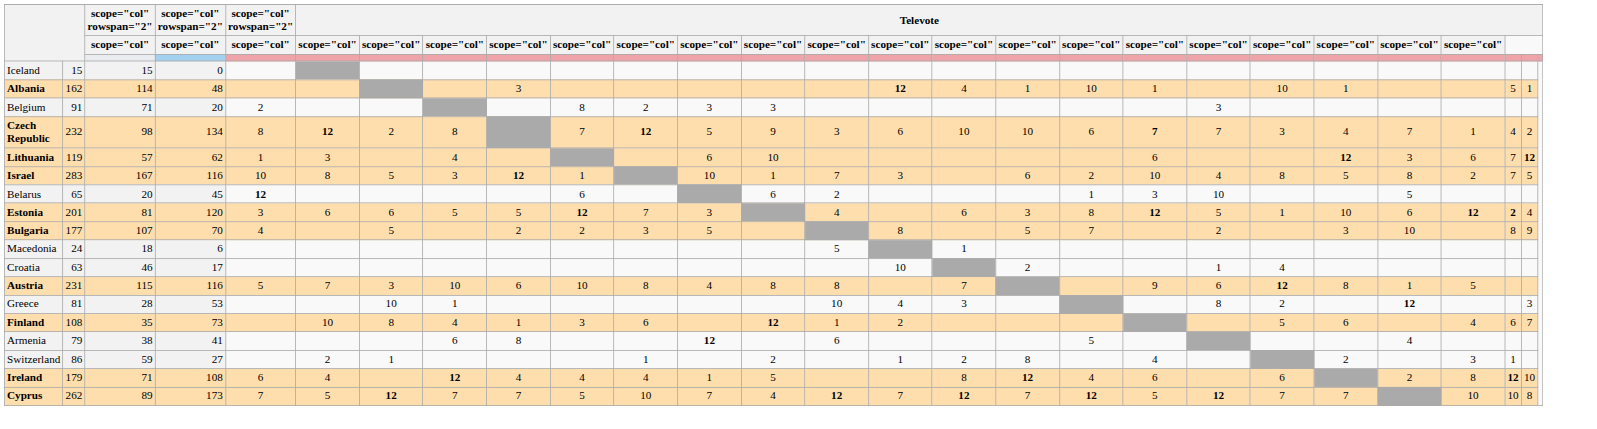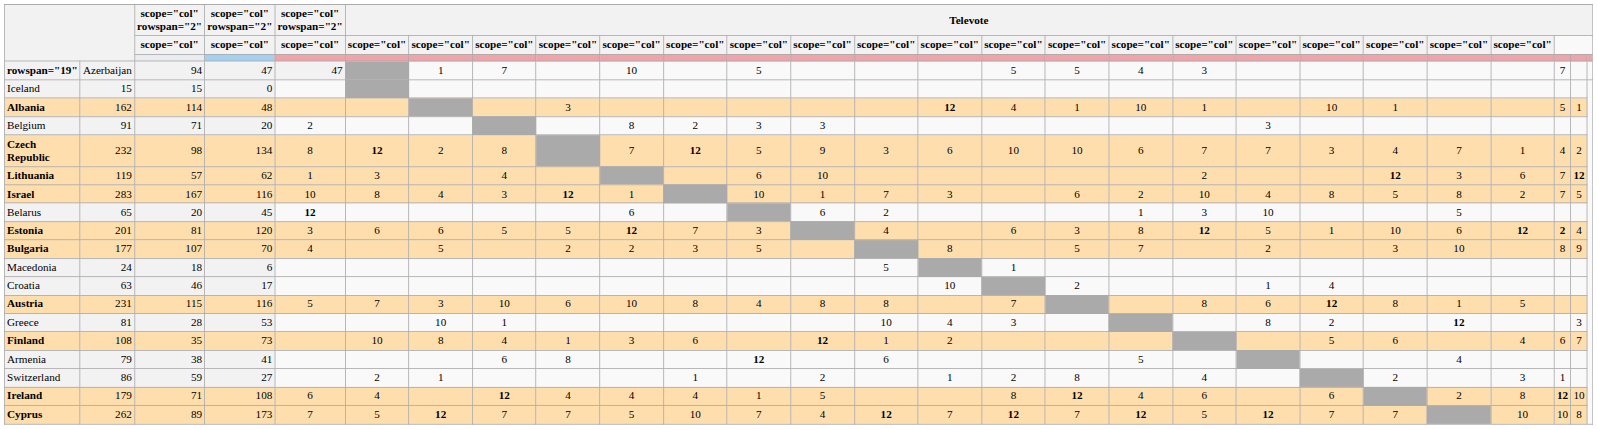 <table class="wikitable plainrowheaders" style="text-align:center; font-size:85%;">
 <tr>
 </tr>
 <tr>
 <td colspan="2" rowspan="3" style="background: #F2F2F2;"></td>
 <th>scope="col" rowspan="2" </th>
 <th>scope="col" rowspan="2" </th>
 <th>scope="col" rowspan="2" </th>
 <th scope="col" colspan="22">Televote</th>
 </tr>
 <tr>
 <th>scope="col" </th>
 <th>scope="col" </th>
 <th>scope="col" </th>
 <th>scope="col" </th>
 <th>scope="col" </th>
 <th>scope="col" </th>
 <th>scope="col" </th>
 <th>scope="col" </th>
 <th>scope="col" </th>
 <th>scope="col" </th>
 <th>scope="col" </th>
 <th>scope="col" </th>
 <th>scope="col" </th>
 <th>scope="col" </th>
 <th>scope="col" </th>
 <th>scope="col" </th>
 <th>scope="col" </th>
 <th>scope="col" </th>
 <th>scope="col" </th>
 <th>scope="col" </th>
 <th>scope="col" </th>
 <th>scope="col" </th>
 </tr>
 <tr>
 <td style="height:2px; background:#eaecf0; border-top:1px solid transparent;"></td>
 <td style="background:#A4D1EF;"></td>
 <td style="background:#EFA4A9;"></td>
 <th style="background:#EFA4A9;"></th>
 <th style="background:#EFA4A9;"></th>
 <th style="background:#EFA4A9;"></th>
 <th style="background:#EFA4A9;"></th>
 <th style="background:#EFA4A9;"></th>
 <th style="background:#EFA4A9;"></th>
 <th style="background:#EFA4A9;"></th>
 <th style="background:#EFA4A9;"></th>
 <th style="background:#EFA4A9;"></th>
 <th style="background:#EFA4A9;"></th>
 <th style="background:#EFA4A9;"></th>
 <th style="background:#EFA4A9;"></th>
 <th style="background:#EFA4A9;"></th>
 <th style="background:#EFA4A9;"></th>
 <th style="background:#EFA4A9;"></th>
 <th style="background:#EFA4A9;"></th>
 <th style="background:#EFA4A9;"></th>
 <th style="background:#EFA4A9;"></th>
 <th style="background:#EFA4A9;"></th>
 <th style="background:#EFA4A9;"></th>
 <th style="background:#EFA4A9;"></th>
 <th style="background:#EFA4A9;"></th>
+</tr>
+<tr>
+<th>rowspan="19" </th>
+<td scope="row" style="text-align:left; background:#f2f2f2;">Azerbaijan</td>
+<td style="text-align:right; background:#f2f2f2;">94</td>
+<td style="text-align:right; background:#f2f2f2;">47</td>
+<td style="text-align:right; background:#f2f2f2;">47</td>
+<td style="background:#AAAAAA;"></td>
+<td>1</td>
+<td>7</td>
+<td></td>
+<td>10</td>
+<td></td>
+<td>5</td>
+<td></td>
+<td></td>
+<td></td>
+<td>5</td>
+<td>5</td>
+<td>4</td>
+<td>3</td>
+<td></td>
+<td></td>
+<td></td>
+<td></td>
+<td></td>
+<td>7</td>
+<td></td>
+<td></td>
 </tr>
 <tr>
 <td scope="row" style="text-align:left; background:#f2f2f2;">Iceland</td>
 <td style="text-align:right; background:#f2f2f2;">15</td>
 <td style="text-align:right; background:#f2f2f2;">15</td>
 <td style="text-align:right; background:#f2f2f2;">0</td>
 <td></td>
 <td style="background:#AAAAAA;"></td>
 <td></td>
 <td></td>
 <td></td>
 <td></td>
 <td></td>
 <td></td>
 <td></td>
 <td></td>
 <td></td>
 <td></td>
 <td></td>
 <td></td>
 <td></td>
 <td></td>
 <td></td>
 <td></td>
 <td></td>
 <td></td>
 <td></td>
 <td></td>
 </tr>
 <tr style="background:#ffdead;">
 <td scope="row" style="text-align:left; font-weight:bold; background:#ffdead;">Albania</td>
 <td style="text-align:right;">162</td>
 <td style="text-align:right;">114</td>
 <td style="text-align:right;">48</td>
 <td></td>
 <td></td>
 <td style="background:#AAAAAA;"></td>
 <td></td>
 <td>3</td>
 <td></td>
 <td></td>
 <td></td>
 <td></td>
 <td></td>
 <td><strong>12</strong></td>
 <td>4</td>
 <td>1</td>
 <td>10</td>
 <td>1</td>
 <td></td>
 <td>10</td>
 <td>1</td>
 <td></td>
 <td></td>
 <td>5</td>
 <td>1</td>
 </tr>
 <tr>
 <td scope="row" style="text-align:left; background:#f2f2f2;">Belgium</td>
 <td style="text-align:right; background:#f2f2f2;">91</td>
 <td style="text-align:right; background:#f2f2f2;">71</td>
 <td style="text-align:right; background:#f2f2f2;">20</td>
 <td>2</td>
 <td></td>
 <td></td>
 <td style="background:#AAAAAA;"></td>
 <td></td>
 <td>8</td>
 <td>2</td>
 <td>3</td>
 <td>3</td>
 <td></td>
 <td></td>
 <td></td>
 <td></td>
 <td></td>
 <td></td>
 <td>3</td>
 <td></td>
 <td></td>
 <td></td>
 <td></td>
 <td></td>
 <td></td>
 </tr>
 <tr style="background:#ffdead;">
 <td scope="row" style="text-align:left; font-weight:bold; background:#ffdead;">Czech Republic</td>
 <td style="text-align:right;">232</td>
 <td style="text-align:right;">98</td>
 <td style="text-align:right;">134</td>
 <td>8</td>
 <td><strong>12</strong></td>
 <td>2</td>
 <td>8</td>
 <td style="background:#AAAAAA;"></td>
 <td>7</td>
 <td><strong>12</strong></td>
 <td>5</td>
 <td>9</td>
 <td>3</td>
 <td>6</td>
 <td>10</td>
 <td>10</td>
 <td>6</td>
-<td><strong>7</strong></td>
+<td>7</td>
 <td>7</td>
 <td>3</td>
 <td>4</td>
 <td>7</td>
 <td>1</td>
 <td>4</td>
 <td>2</td>
 </tr>
 <tr style="background:#ffdead;">
 <td scope="row" style="text-align:left; font-weight:bold; background:#ffdead;">Lithuania</td>
 <td style="text-align:right;">119</td>
 <td style="text-align:right;">57</td>
 <td style="text-align:right;">62</td>
 <td>1</td>
 <td>3</td>
 <td></td>
 <td>4</td>
 <td></td>
 <td style="background:#AAAAAA;"></td>
 <td></td>
 <td>6</td>
 <td>10</td>
 <td></td>
 <td></td>
 <td></td>
 <td></td>
 <td></td>
-<td>6</td>
+<td>2</td>
 <td></td>
 <td></td>
 <td><strong>12</strong></td>
 <td>3</td>
 <td>6</td>
 <td>7</td>
 <td><strong>12</strong></td>
 </tr>
 <tr style="background:#ffdead;">
 <td scope="row" style="text-align:left; font-weight:bold; background:#ffdead;">Israel</td>
 <td style="text-align:right;">283</td>
 <td style="text-align:right;">167</td>
 <td style="text-align:right;">116</td>
 <td>10</td>
 <td>8</td>
-<td>5</td>
+<td>4</td>
 <td>3</td>
 <td><strong>12</strong></td>
 <td>1</td>
 <td style="background:#AAAAAA;"></td>
 <td>10</td>
 <td>1</td>
 <td>7</td>
 <td>3</td>
 <td></td>
 <td>6</td>
 <td>2</td>
 <td>10</td>
 <td>4</td>
 <td>8</td>
 <td>5</td>
 <td>8</td>
 <td>2</td>
 <td>7</td>
 <td>5</td>
 </tr>
 <tr>
 <td scope="row" style="text-align:left; background:#f2f2f2;">Belarus</td>
 <td style="text-align:right; background:#f2f2f2;">65</td>
 <td style="text-align:right; background:#f2f2f2;">20</td>
 <td style="text-align:right; background:#f2f2f2;">45</td>
 <td><strong>12</strong></td>
 <td></td>
 <td></td>
 <td></td>
 <td></td>
 <td>6</td>
 <td></td>
 <td style="background:#AAAAAA;"></td>
 <td>6</td>
 <td>2</td>
 <td></td>
 <td></td>
 <td></td>
 <td>1</td>
 <td>3</td>
 <td>10</td>
 <td></td>
 <td></td>
 <td>5</td>
 <td></td>
 <td></td>
 <td></td>
 </tr>
 <tr style="background:#ffdead;">
 <td scope="row" style="text-align:left; font-weight:bold; background:#ffdead;">Estonia</td>
 <td style="text-align:right;">201</td>
 <td style="text-align:right;">81</td>
 <td style="text-align:right;">120</td>
 <td>3</td>
 <td>6</td>
 <td>6</td>
 <td>5</td>
 <td>5</td>
 <td><strong>12</strong></td>
 <td>7</td>
 <td>3</td>
 <td style="background:#AAAAAA;"></td>
 <td>4</td>
 <td></td>
 <td>6</td>
 <td>3</td>
 <td>8</td>
 <td><strong>12</strong></td>
 <td>5</td>
 <td>1</td>
 <td>10</td>
 <td>6</td>
 <td><strong>12</strong></td>
 <td><strong>2</strong></td>
 <td>4</td>
 </tr>
 <tr style="background:#ffdead;">
 <td scope="row" style="text-align:left; font-weight:bold; background:#ffdead;">Bulgaria</td>
 <td style="text-align:right;">177</td>
 <td style="text-align:right;">107</td>
 <td style="text-align:right;">70</td>
 <td>4</td>
 <td></td>
 <td>5</td>
 <td></td>
 <td>2</td>
 <td>2</td>
 <td>3</td>
 <td>5</td>
 <td></td>
 <td style="background:#AAAAAA;"></td>
 <td>8</td>
 <td></td>
 <td>5</td>
 <td>7</td>
 <td></td>
 <td>2</td>
 <td></td>
 <td>3</td>
 <td>10</td>
 <td></td>
 <td>8</td>
 <td>9</td>
 </tr>
 <tr>
 <td scope="row" style="text-align:left; background:#f2f2f2;">Macedonia</td>
 <td style="text-align:right; background:#f2f2f2;">24</td>
 <td style="text-align:right; background:#f2f2f2;">18</td>
 <td style="text-align:right; background:#f2f2f2;">6</td>
 <td></td>
 <td></td>
 <td></td>
 <td></td>
 <td></td>
 <td></td>
 <td></td>
 <td></td>
 <td></td>
 <td>5</td>
 <td style="background:#AAAAAA;"></td>
 <td>1</td>
 <td></td>
 <td></td>
 <td></td>
 <td></td>
 <td></td>
 <td></td>
 <td></td>
 <td></td>
 <td></td>
 <td></td>
 </tr>
 <tr>
 <td scope="row" style="text-align:left; background:#f2f2f2;">Croatia</td>
 <td style="text-align:right; background:#f2f2f2;">63</td>
 <td style="text-align:right; background:#f2f2f2;">46</td>
 <td style="text-align:right; background:#f2f2f2;">17</td>
 <td></td>
 <td></td>
 <td></td>
 <td></td>
 <td></td>
 <td></td>
 <td></td>
 <td></td>
 <td></td>
 <td></td>
 <td>10</td>
 <td style="background:#AAAAAA;"></td>
 <td>2</td>
 <td></td>
 <td></td>
 <td>1</td>
 <td>4</td>
 <td></td>
 <td></td>
 <td></td>
 <td></td>
 <td></td>
 </tr>
 <tr style="background:#ffdead;">
 <td scope="row" style="text-align:left; font-weight:bold; background:#ffdead;">Austria</td>
 <td style="text-align:right;">231</td>
 <td style="text-align:right;">115</td>
 <td style="text-align:right;">116</td>
 <td>5</td>
 <td>7</td>
 <td>3</td>
 <td>10</td>
 <td>6</td>
 <td>10</td>
 <td>8</td>
 <td>4</td>
 <td>8</td>
 <td>8</td>
 <td></td>
 <td>7</td>
 <td style="background:#AAAAAA;"></td>
 <td></td>
-<td>9</td>
+<td>8</td>
 <td>6</td>
 <td><strong>12</strong></td>
 <td>8</td>
 <td>1</td>
 <td>5</td>
 <td></td>
 <td></td>
 </tr>
 <tr>
 <td scope="row" style="text-align:left; background:#f2f2f2;">Greece</td>
 <td style="text-align:right; background:#f2f2f2;">81</td>
 <td style="text-align:right; background:#f2f2f2;">28</td>
 <td style="text-align:right; background:#f2f2f2;">53</td>
 <td></td>
 <td></td>
 <td>10</td>
 <td>1</td>
 <td></td>
 <td></td>
 <td></td>
 <td></td>
 <td></td>
 <td>10</td>
 <td>4</td>
 <td>3</td>
 <td></td>
 <td style="background:#AAAAAA;"></td>
 <td></td>
 <td>8</td>
 <td>2</td>
 <td></td>
 <td><strong>12</strong></td>
 <td></td>
 <td></td>
 <td>3</td>
 </tr>
 <tr style="background:#ffdead;">
 <td scope="row" style="text-align:left; font-weight:bold; background:#ffdead;">Finland</td>
 <td style="text-align:right;">108</td>
 <td style="text-align:right;">35</td>
 <td style="text-align:right;">73</td>
 <td></td>
 <td>10</td>
 <td>8</td>
 <td>4</td>
 <td>1</td>
 <td>3</td>
 <td>6</td>
 <td></td>
 <td><strong>12</strong></td>
 <td>1</td>
 <td>2</td>
 <td></td>
 <td></td>
 <td></td>
 <td style="background:#AAAAAA;"></td>
 <td></td>
 <td>5</td>
 <td>6</td>
 <td></td>
 <td>4</td>
 <td>6</td>
 <td>7</td>
 </tr>
 <tr>
 <td scope="row" style="text-align:left; background:#f2f2f2;">Armenia</td>
 <td style="text-align:right; background:#f2f2f2;">79</td>
 <td style="text-align:right; background:#f2f2f2;">38</td>
 <td style="text-align:right; background:#f2f2f2;">41</td>
 <td></td>
 <td></td>
 <td></td>
 <td>6</td>
 <td>8</td>
 <td></td>
 <td></td>
 <td><strong>12</strong></td>
 <td></td>
 <td>6</td>
 <td></td>
 <td></td>
 <td></td>
 <td>5</td>
 <td></td>
 <td style="background:#AAAAAA;"></td>
 <td></td>
 <td></td>
 <td>4</td>
 <td></td>
 <td></td>
 <td></td>
 </tr>
 <tr>
 <td scope="row" style="text-align:left; background:#f2f2f2;">Switzerland</td>
 <td style="text-align:right; background:#f2f2f2;">86</td>
 <td style="text-align:right; background:#f2f2f2;">59</td>
 <td style="text-align:right; background:#f2f2f2;">27</td>
 <td></td>
 <td>2</td>
 <td>1</td>
 <td></td>
 <td></td>
 <td></td>
 <td>1</td>
 <td></td>
 <td>2</td>
 <td></td>
 <td>1</td>
 <td>2</td>
 <td>8</td>
 <td></td>
 <td>4</td>
 <td></td>
 <td style="background:#AAAAAA;"></td>
 <td>2</td>
 <td></td>
 <td>3</td>
 <td>1</td>
 <td></td>
 </tr>
 <tr style="background:#ffdead;">
 <td scope="row" style="text-align:left; font-weight:bold; background:#ffdead;">Ireland</td>
 <td style="text-align:right;">179</td>
 <td style="text-align:right;">71</td>
 <td style="text-align:right;">108</td>
 <td>6</td>
 <td>4</td>
 <td></td>
 <td><strong>12</strong></td>
 <td>4</td>
 <td>4</td>
 <td>4</td>
 <td>1</td>
 <td>5</td>
 <td></td>
 <td></td>
 <td>8</td>
 <td><strong>12</strong></td>
 <td>4</td>
 <td>6</td>
 <td></td>
 <td>6</td>
 <td style="background:#AAAAAA;"></td>
 <td>2</td>
 <td>8</td>
 <td><strong>12</strong></td>
 <td>10</td>
 </tr>
 <tr style="background:#ffdead;">
 <td scope="row" style="text-align:left; font-weight:bold; background:#ffdead;">Cyprus</td>
 <td style="text-align:right;">262</td>
 <td style="text-align:right;">89</td>
 <td style="text-align:right;">173</td>
 <td>7</td>
 <td>5</td>
 <td><strong>12</strong></td>
 <td>7</td>
 <td>7</td>
 <td>5</td>
 <td>10</td>
 <td>7</td>
 <td>4</td>
 <td><strong>12</strong></td>
 <td>7</td>
 <td><strong>12</strong></td>
 <td>7</td>
 <td><strong>12</strong></td>
 <td>5</td>
 <td><strong>12</strong></td>
 <td>7</td>
 <td>7</td>
 <td style="background:#AAAAAA;"></td>
 <td>10</td>
 <td>10</td>
 <td>8</td>
 </tr>
 </table>
